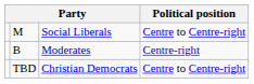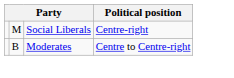 <table class="wikitable">
 <tr>
 <th colspan="3">Party</th>
 <th>Political position</th>
 </tr>
 <tr>
 <td></td>
 <td>M</td>
 <td><a href='#'>Social Liberals</a></td>
-<td><a href='#'>Centre</a> to <a href='#'>Centre-right</a></td>
+<td><a href='#'>Centre-right</a></td>
 </tr>
 <tr>
 <td></td>
 <td>B</td>
 <td><a href='#'>Moderates</a></td>
-<td><a href='#'>Centre-right</a></td>
-</tr>
-<tr>
-<td></td>
-<td>TBD</td>
-<td><a href='#'>Christian Democrats</a></td>
 <td><a href='#'>Centre</a> to <a href='#'>Centre-right</a></td>
 </tr>
 </table>
